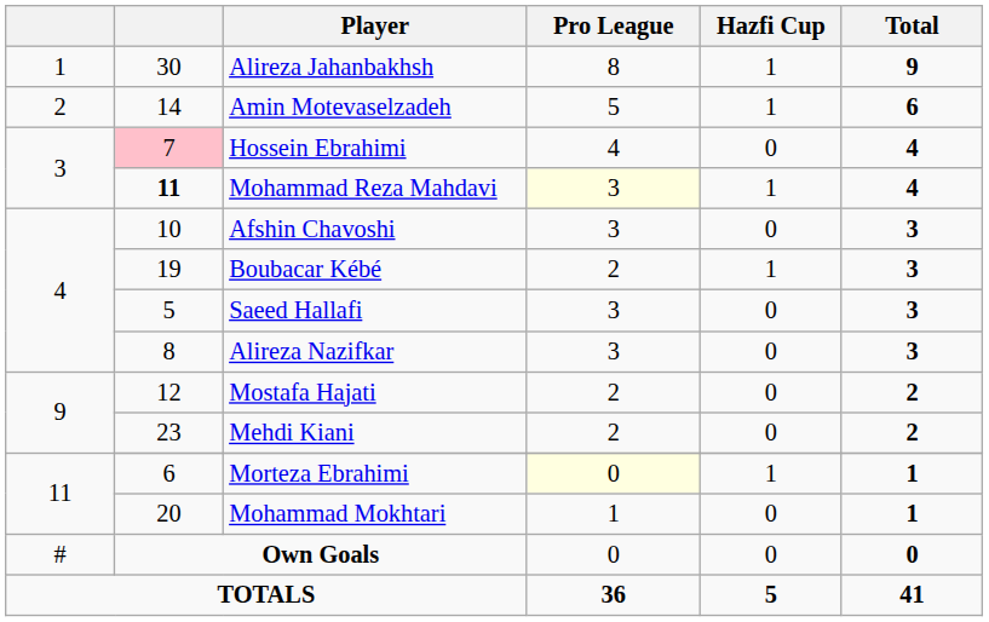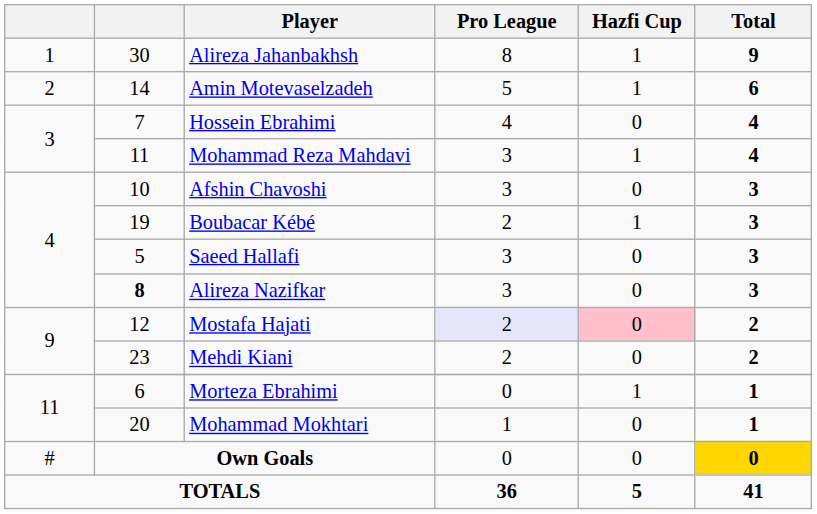 <table class="wikitable" style="font-size: 95%; text-align: center;">
 <tr>
 <th width=60></th>
 <th width=60></th>
 <th width=180>Player</th>
 <th width=100>Pro League</th>
 <th width=80>Hazfi Cup</th>
 <th width=80>Total</th>
 </tr>
 <tr>
 <td>1</td>
 <td>30</td>
 <td align=left> <a href='#'>Alireza Jahanbakhsh</a></td>
 <td>8</td>
 <td>1</td>
 <td><strong>9</strong></td>
 </tr>
 <tr>
 <td>2</td>
 <td>14</td>
 <td align=left> <a href='#'>Amin Motevaselzadeh</a></td>
 <td>5</td>
 <td>1</td>
 <td><strong>6</strong></td>
 </tr>
 <tr>
 <td rowspan=2>3</td>
-<td style="background: pink;">7</td>
+<td>7</td>
 <td align=left> <a href='#'>Hossein Ebrahimi</a></td>
 <td>4</td>
 <td>0</td>
 <td><strong>4</strong></td>
 </tr>
 <tr>
-<td><strong>11</strong></td>
+<td>11</td>
 <td align=left> <a href='#'>Mohammad Reza Mahdavi</a></td>
-<td style="background: lightyellow;">3</td>
+<td>3</td>
 <td>1</td>
 <td><strong>4</strong></td>
 </tr>
 <tr>
 <td rowspan=4>4</td>
 <td>10</td>
 <td align=left> <a href='#'>Afshin Chavoshi</a></td>
 <td>3</td>
 <td>0</td>
 <td><strong>3</strong></td>
 </tr>
 <tr>
 <td>19</td>
 <td align=left> <a href='#'>Boubacar Kébé</a></td>
 <td>2</td>
 <td>1</td>
 <td><strong>3</strong></td>
 </tr>
 <tr>
 <td>5</td>
 <td align=left> <a href='#'>Saeed Hallafi</a></td>
 <td>3</td>
 <td>0</td>
 <td><strong>3</strong></td>
 </tr>
 <tr>
-<td>8</td>
+<td><strong>8</strong></td>
 <td align=left> <a href='#'>Alireza Nazifkar</a></td>
 <td>3</td>
 <td>0</td>
 <td><strong>3</strong></td>
 </tr>
 <tr>
 <td rowspan=2>9</td>
 <td>12</td>
 <td align=left> <a href='#'>Mostafa Hajati</a></td>
-<td>2</td>
-<td>0</td>
+<td style="background: lavender;">2</td>
+<td style="background: pink;">0</td>
 <td><strong>2</strong></td>
 </tr>
 <tr>
 <td>23</td>
 <td align=left> <a href='#'>Mehdi Kiani</a></td>
 <td>2</td>
 <td>0</td>
 <td><strong>2</strong></td>
 </tr>
 <tr>
 <td rowspan=3>11</td>
 </tr>
 <tr>
 <td>6</td>
 <td align=left> <a href='#'>Morteza Ebrahimi</a></td>
-<td style="background: lightyellow;">0</td>
+<td>0</td>
 <td>1</td>
 <td><strong>1</strong></td>
 </tr>
 <tr>
 <td>20</td>
 <td align=left> <a href='#'>Mohammad Mokhtari</a></td>
 <td>1</td>
 <td>0</td>
 <td><strong>1</strong></td>
 </tr>
 <tr>
 <td>#</td>
 <td colspan=2><strong>Own Goals</strong></td>
 <td>0</td>
 <td>0</td>
-<td><strong>0</strong></td>
+<td style="background: gold;"><strong>0</strong></td>
 </tr>
 <tr>
 <td colspan=3><strong>TOTALS</strong></td>
 <td><strong>36</strong></td>
 <td><strong>5</strong></td>
 <td><strong>41</strong></td>
 </tr>
 </table>
